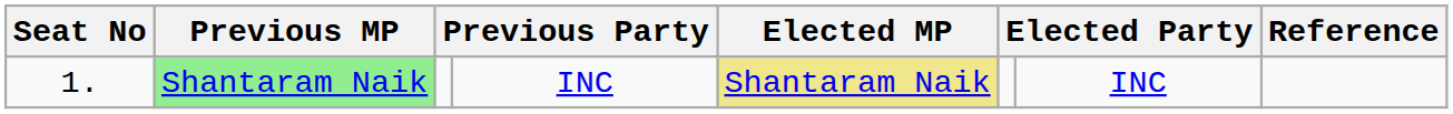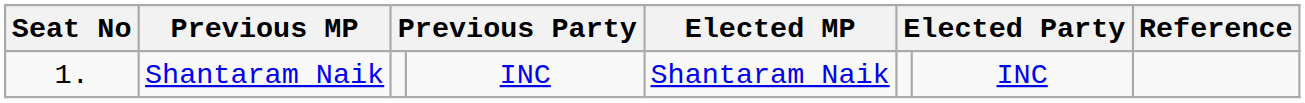 <table class="wikitable">
 <tr>
 <th>Seat No</th>
 <th>Previous MP</th>
 <th colspan=2>Previous Party</th>
 <th>Elected MP</th>
 <th colspan=2>Elected Party</th>
 <th>Reference</th>
 </tr>
 <tr style="text-align:center;">
 <td>1.</td>
-<td style="background: lightgreen;"><a href='#'>Shantaram Naik</a></td>
+<td><a href='#'>Shantaram Naik</a></td>
 <td width="1px"></td>
 <td><a href='#'>INC</a></td>
-<td style="background: khaki;"><a href='#'>Shantaram Naik</a></td>
+<td><a href='#'>Shantaram Naik</a></td>
 <td width="1px"></td>
 <td><a href='#'>INC</a></td>
 <td></td>
 </tr>
 </table>
